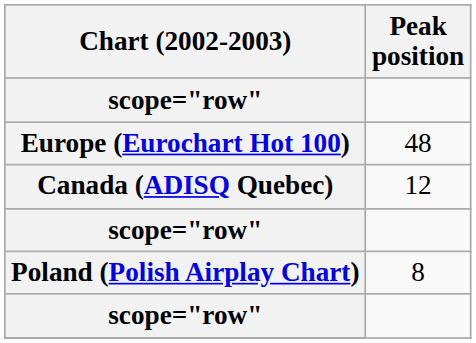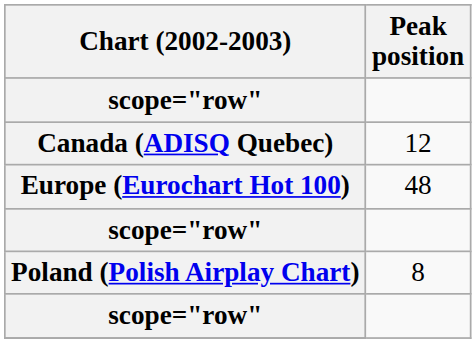 <table class="wikitable sortable plainrowheaders">
 <tr>
 <th>Chart (2002-2003)</th>
 <th>Peak<br>position</th>
 </tr>
 <tr>
 <th>scope="row"</th>
 </tr>
 <tr>
+<th scope="row">Canada (<a href='#'>ADISQ</a> Quebec)</th>
+<td align="center">12</td>
+</tr>
+<tr>
 <th scope="row">Europe (<a href='#'>Eurochart Hot 100</a>)</th>
 <td align="center">48</td>
-</tr>
-<tr>
-<th scope="row">Canada (<a href='#'>ADISQ</a> Quebec)</th>
-<td align="center">12</td>
 </tr>
 <tr>
 <th>scope="row"</th>
 </tr>
 <tr>
 <th scope="row">Poland (<a href='#'>Polish Airplay Chart</a>)</th>
 <td align="center">8</td>
 </tr>
 <tr>
 <th>scope="row"</th>
 </tr>
 <tr>
 </tr>
 </table>
